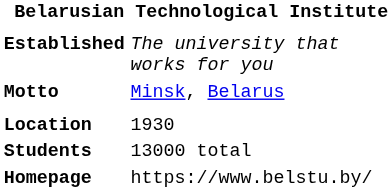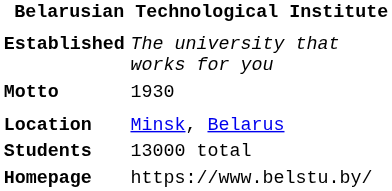 <table id="toc" style="float: right; margin: 0 0 1em 1em; width:22em;">
 <tr>
 <td colspan="2" style="font-weight: bold; text-align: center;">Belarusian Technological Institute</td>
 </tr>
 <tr>
 <td colspan="2" style="text-align:center;"></td>
 </tr>
 <tr style="vertical-align:top;">
 <td style="font-weight:bold">Established</td>
 <td><em>The university that works for you</em></td>
 </tr>
 <tr style="vertical-align:top;">
 <td style="font-weight:bold">Motto</td>
-<td><a href='#'>Minsk</a>, <a href='#'>Belarus</a></td>
+<td>1930</td>
 </tr>
 <tr style="vertical-align:top;">
 <td style="font-weight:bold"></td>
 </tr>
 <tr style="vertical-align:top;">
 <td style="font-weight:bold">Location</td>
-<td>1930</td>
+<td><a href='#'>Minsk</a>, <a href='#'>Belarus</a></td>
 </tr>
 <tr style="vertical-align:top;">
 <td style="font-weight:bold">Students</td>
 <td>13000 total</td>
 </tr>
 <tr style="vertical-align:top;">
 <td style="font-weight:bold">Homepage</td>
 <td>https://www.belstu.by/</td>
 </tr>
 </table>
